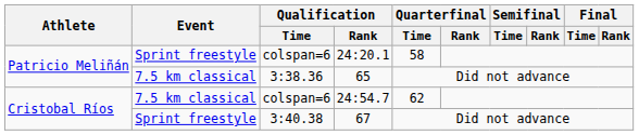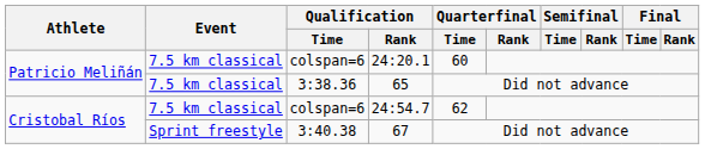 <table class="wikitable" style="font-size:90%">
 <tr>
 <th rowspan="2">Athlete</th>
 <th rowspan="2">Event</th>
 <th colspan="2">Qualification</th>
 <th colspan="2">Quarterfinal</th>
 <th colspan="2">Semifinal</th>
 <th colspan="2">Final</th>
 </tr>
 <tr style="font-size:95%">
 <th>Time</th>
 <th>Rank</th>
 <th>Time</th>
 <th>Rank</th>
 <th>Time</th>
 <th>Rank</th>
 <th>Time</th>
 <th>Rank</th>
 </tr>
 <tr align=center>
 <td align=left rowspan=2><a href='#'>Patricio Meliñán</a></td>
-<td align=left><a href='#'>Sprint freestyle</a></td>
+<td align=left><a href='#'>7.5 km classical</a></td>
 <td>colspan=6</td>
 <td>24:20.1</td>
-<td>58</td>
+<td>60</td>
 </tr>
 <tr align=center>
 <td align=left><a href='#'>7.5 km classical</a></td>
 <td>3:38.36</td>
 <td>65</td>
 <td colspan=6>Did not advance</td>
 </tr>
 <tr align=center>
 <td align=left rowspan=2><a href='#'>Cristobal Ríos</a></td>
 <td align=left><a href='#'>7.5 km classical</a></td>
 <td>colspan=6</td>
 <td>24:54.7</td>
 <td>62</td>
 </tr>
 <tr align=center>
 <td align=left><a href='#'>Sprint freestyle</a></td>
 <td>3:40.38</td>
 <td>67</td>
 <td colspan=6>Did not advance</td>
 </tr>
 </table>
